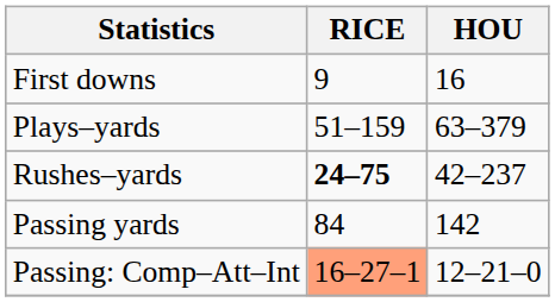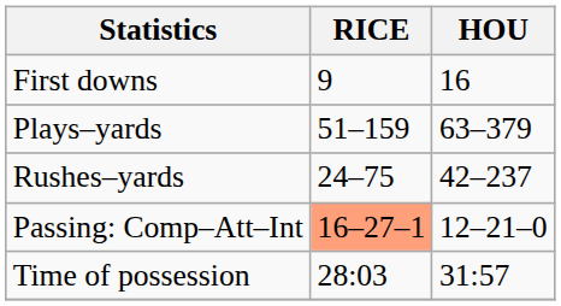 <table class="wikitable" style="float: left;">
 <tr>
 <th>Statistics</th>
 <th>RICE</th>
 <th>HOU</th>
 </tr>
 <tr>
 <td>First downs</td>
 <td>9</td>
 <td>16</td>
 </tr>
 <tr>
 <td>Plays–yards</td>
 <td>51–159</td>
 <td>63–379</td>
 </tr>
 <tr>
 <td>Rushes–yards</td>
-<td><strong>24–75</strong></td>
+<td>24–75</td>
 <td>42–237</td>
-</tr>
-<tr>
-<td>Passing yards</td>
-<td>84</td>
-<td>142</td>
 </tr>
 <tr>
 <td>Passing: Comp–Att–Int</td>
 <td style="background: lightsalmon;">16–27–1</td>
 <td>12–21–0</td>
 </tr>
 <tr>
+<td>Time of possession</td>
+<td>28:03</td>
+<td>31:57</td>
+</tr>
+<tr>
 </tr>
 </table>
